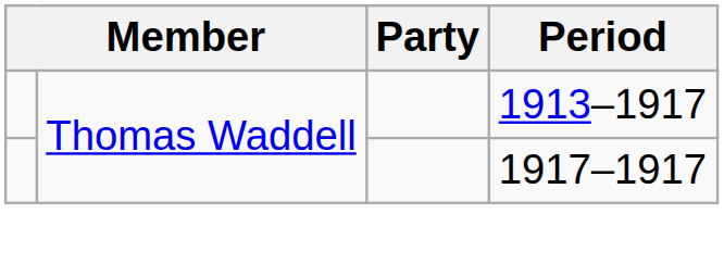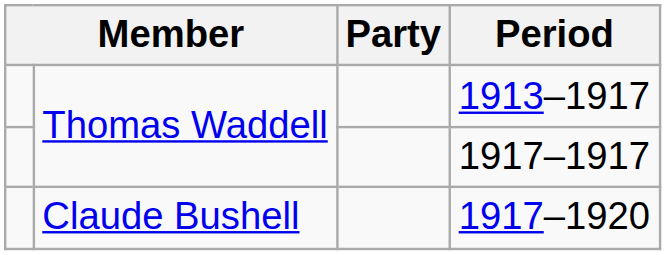 <table class="wikitable">
 <tr>
 <th colspan="2">Member</th>
 <th>Party</th>
 <th>Period</th>
 </tr>
 <tr>
 <td> </td>
 <td rowspan="2"><a href='#'>Thomas Waddell</a></td>
 <td></td>
 <td><a href='#'>1913</a>–1917</td>
 </tr>
 <tr>
 <td> </td>
 <td></td>
 <td>1917–1917</td>
 </tr>
+<tr>
+<td> </td>
+<td><a href='#'>Claude Bushell</a></td>
+<td></td>
+<td><a href='#'>1917</a>–1920</td>
+</tr>
 </table>
